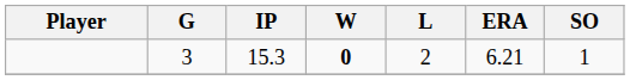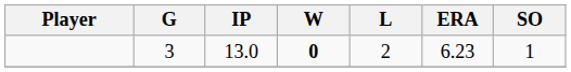 <table class="wikitable sortable">
 <tr>
 <th bgcolor="#DDDDFF" width="16%">Player</th>
 <th bgcolor="#DDDDFF" width="9%">G</th>
 <th bgcolor="#DDDDFF" width="9%">IP</th>
 <th bgcolor="#DDDDFF" width="9%">W</th>
 <th bgcolor="#DDDDFF" width="9%">L</th>
 <th bgcolor="#DDDDFF" width="9%">ERA</th>
 <th bgcolor="#DDDDFF" width="9%">SO</th>
 </tr>
 <tr align="center">
 <td></td>
 <td>3</td>
-<td>15.3</td>
+<td>13.0</td>
 <td><strong>0</strong></td>
 <td>2</td>
-<td>6.21</td>
+<td>6.23</td>
 <td>1</td>
 </tr>
 <tr align="center">
 </tr>
 </table>
